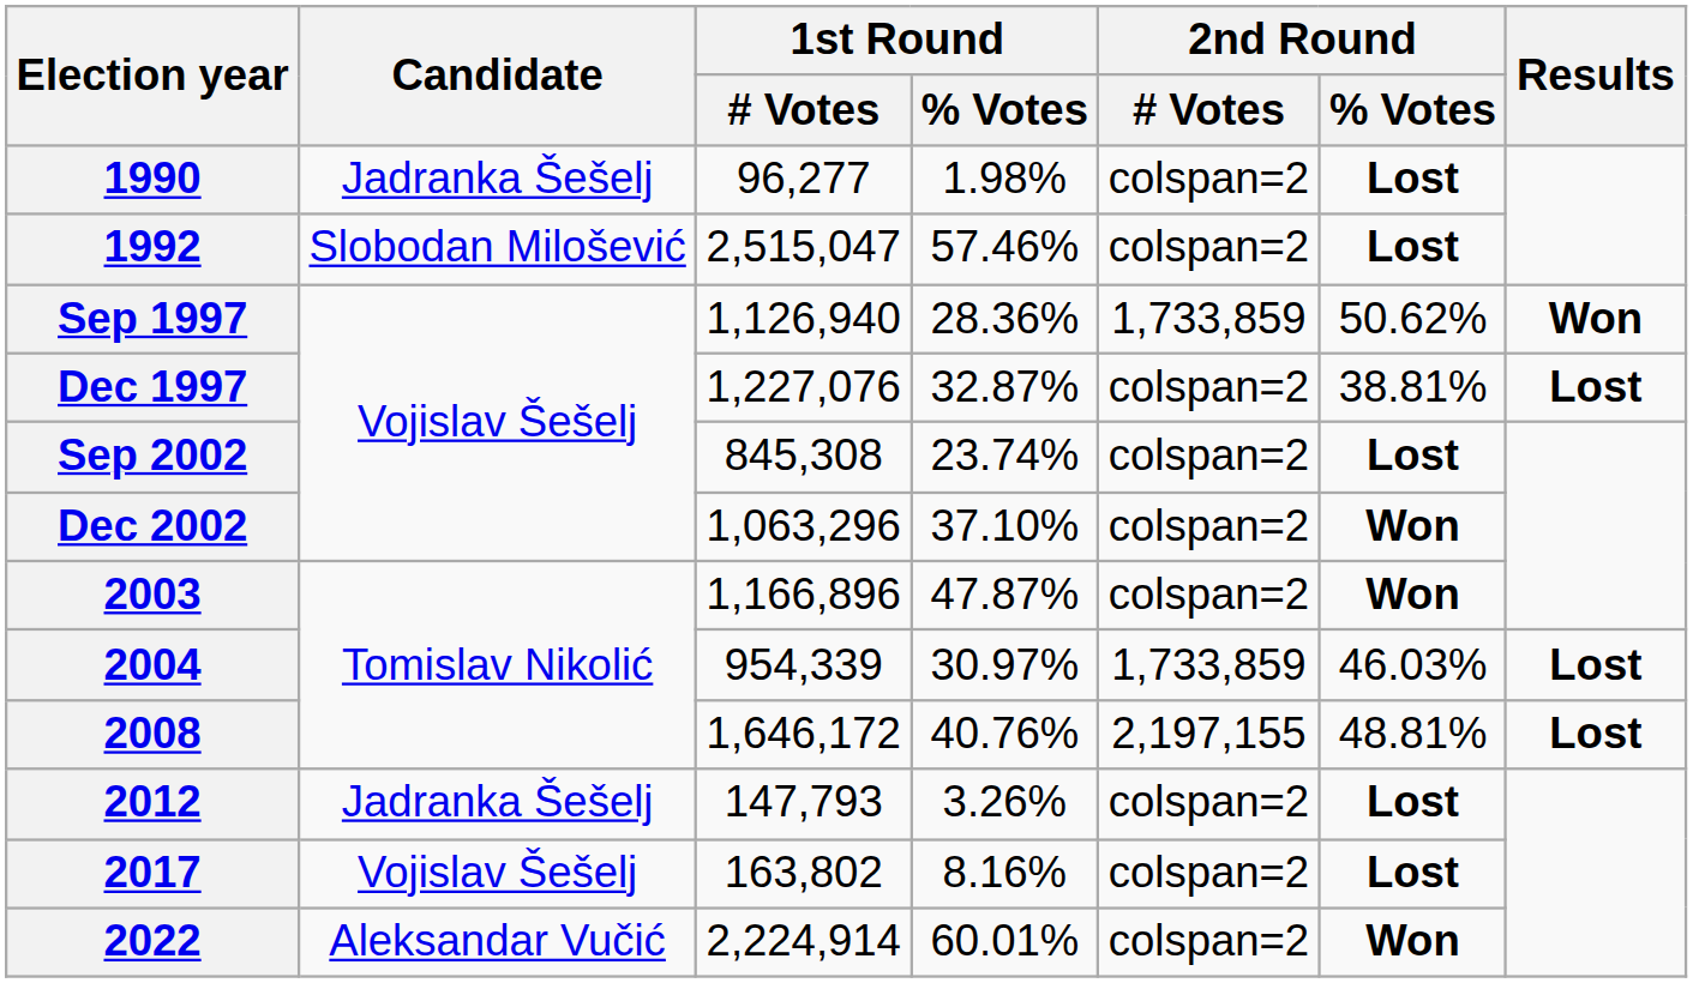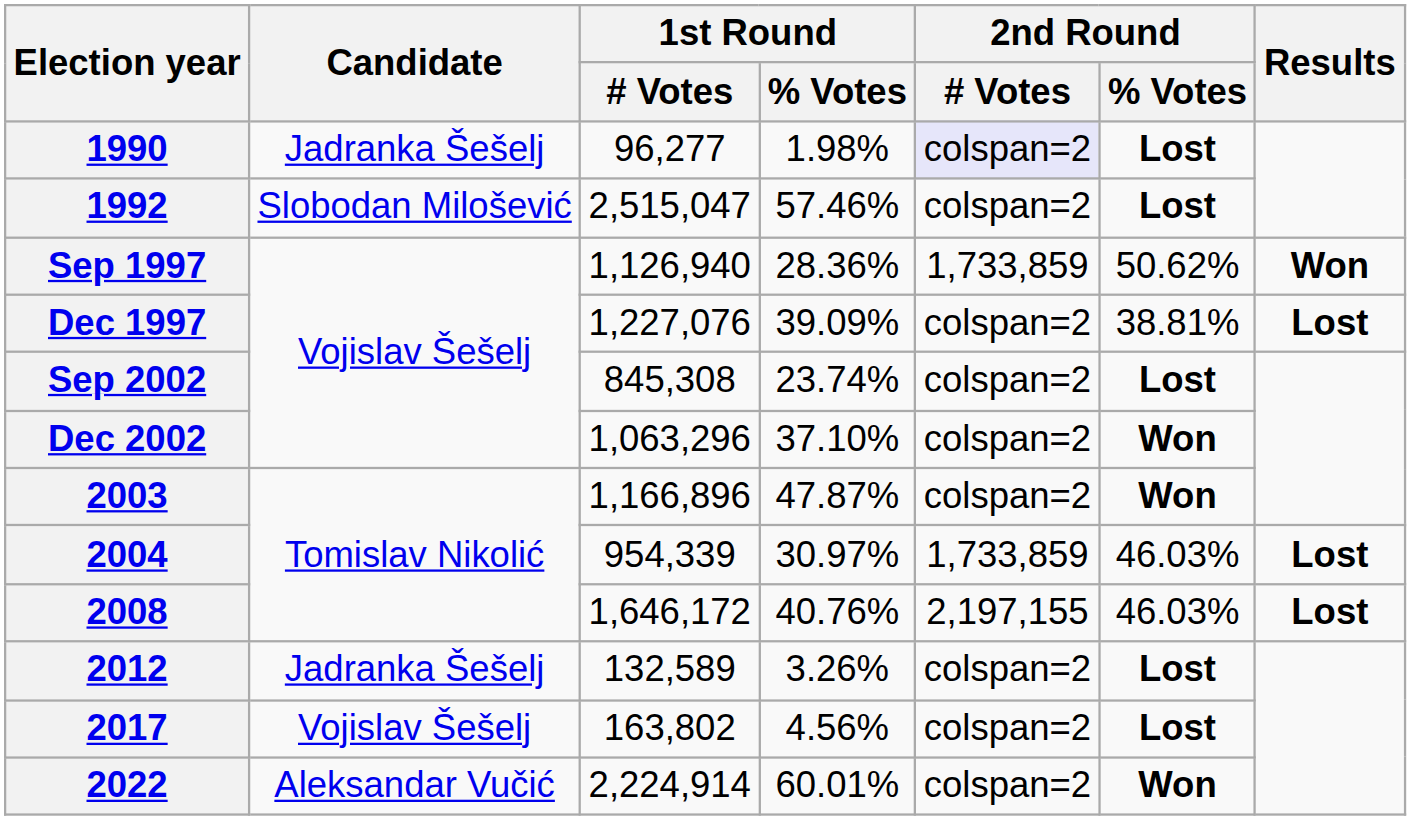 <table class="wikitable" style="text-align:center">
 <tr>
 <th rowspan=2>Election year</th>
 <th rowspan=2>Candidate</th>
 <th colspan=2>1st Round</th>
 <th colspan=2>2nd Round</th>
 <th rowspan=2>Results</th>
 </tr>
 <tr>
 <th># Votes</th>
 <th>% Votes</th>
 <th># Votes</th>
 <th>% Votes</th>
 </tr>
 <tr>
 <th><a href='#'>1990</a></th>
 <td><a href='#'>Jadranka Šešelj</a></td>
 <td>96,277</td>
 <td>1.98%</td>
-<td>colspan=2 </td>
+<td style="background: lavender;">colspan=2 </td>
 <td><strong>Lost</strong> </td>
 </tr>
 <tr>
 <th><a href='#'>1992</a></th>
 <td><a href='#'>Slobodan Milošević</a></td>
 <td>2,515,047</td>
 <td>57.46%</td>
 <td>colspan=2 </td>
 <td><strong>Lost</strong> </td>
 </tr>
 <tr>
 <th><a href='#'>Sep 1997</a></th>
 <td rowspan=4><a href='#'>Vojislav Šešelj</a></td>
 <td>1,126,940</td>
 <td>28.36%</td>
 <td>1,733,859</td>
 <td>50.62%</td>
 <td><strong>Won</strong> </td>
 </tr>
 <tr>
 <th><a href='#'>Dec 1997</a></th>
 <td>1,227,076</td>
-<td>32.87%</td>
+<td>39.09%</td>
 <td>colspan=2 </td>
 <td>38.81%</td>
 <td><strong>Lost</strong> </td>
 </tr>
 <tr>
 <th><a href='#'>Sep 2002</a></th>
 <td>845,308</td>
 <td>23.74%</td>
 <td>colspan=2 </td>
 <td><strong>Lost</strong> </td>
 </tr>
 <tr>
 <th><a href='#'>Dec 2002</a></th>
 <td>1,063,296</td>
 <td>37.10%</td>
 <td>colspan=2 </td>
 <td><strong>Won</strong> </td>
 </tr>
 <tr>
 <th><a href='#'>2003</a></th>
 <td rowspan=3><a href='#'>Tomislav Nikolić</a></td>
 <td>1,166,896</td>
 <td>47.87%</td>
 <td>colspan=2 </td>
 <td><strong>Won</strong> </td>
 </tr>
 <tr>
 <th><a href='#'>2004</a></th>
 <td>954,339</td>
 <td>30.97%</td>
 <td>1,733,859</td>
 <td>46.03%</td>
 <td><strong>Lost</strong> </td>
 </tr>
 <tr>
 <th><a href='#'>2008</a></th>
 <td>1,646,172</td>
 <td>40.76%</td>
 <td>2,197,155</td>
-<td>48.81%</td>
+<td>46.03%</td>
 <td><strong>Lost</strong> </td>
 </tr>
 <tr>
 <th><a href='#'>2012</a></th>
 <td><a href='#'>Jadranka Šešelj</a></td>
-<td>147,793</td>
+<td>132,589</td>
 <td>3.26%</td>
 <td>colspan=2 </td>
 <td><strong>Lost</strong> </td>
 </tr>
 <tr>
 <th><a href='#'>2017</a></th>
 <td><a href='#'>Vojislav Šešelj</a></td>
 <td>163,802</td>
-<td>8.16%</td>
+<td>4.56%</td>
 <td>colspan=2 </td>
 <td><strong>Lost</strong> </td>
 </tr>
 <tr>
 <th><a href='#'>2022</a></th>
 <td><a href='#'>Aleksandar Vučić</a></td>
 <td>2,224,914</td>
 <td>60.01%</td>
 <td>colspan=2 </td>
 <td><strong>Won</strong> </td>
 </tr>
 </table>
